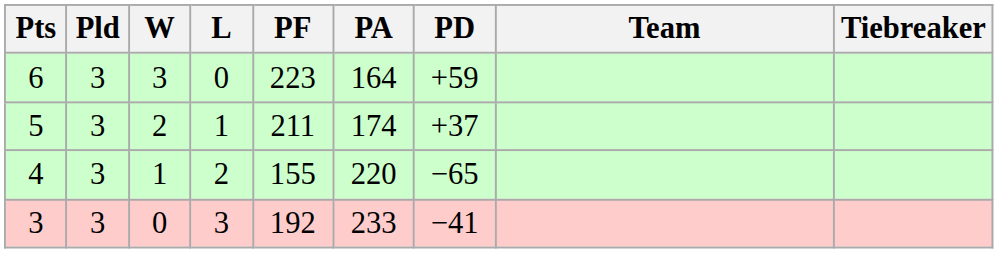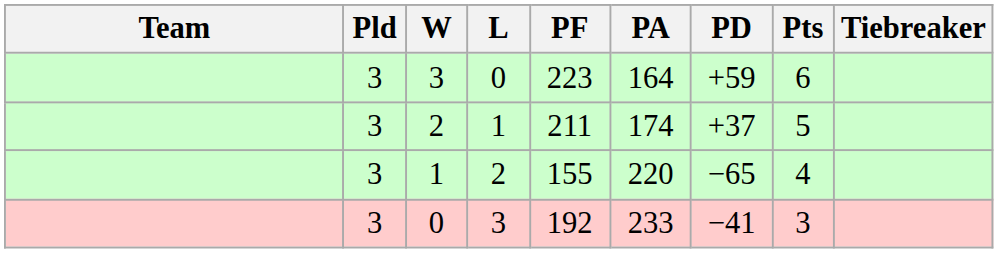 <table class="wikitable" style="text-align:center;">
 <tr>
-<th width=25>Pts</th>
+<th width=170>Team</th>
 <th width=25>Pld</th>
 <th width=25>W</th>
 <th width=25>L</th>
 <th width=35>PF</th>
 <th width=35>PA</th>
 <th width=35>PD</th>
-<th width=170>Team</th>
+<th width=25>Pts</th>
 <th width=50>Tiebreaker</th>
 </tr>
 <tr bgcolor=#ccffcc>
-<td>6</td>
+<td align="left"></td>
 <td>3</td>
 <td>3</td>
 <td>0</td>
 <td>223</td>
 <td>164</td>
 <td>+59</td>
-<td align="left"></td>
+<td>6</td>
 <td></td>
 </tr>
 <tr bgcolor=#ccffcc>
-<td>5</td>
+<td align="left"></td>
 <td>3</td>
 <td>2</td>
 <td>1</td>
 <td>211</td>
 <td>174</td>
 <td>+37</td>
-<td align="left"></td>
+<td>5</td>
 <td></td>
 </tr>
 <tr bgcolor=#ccffcc>
-<td>4</td>
+<td align="left"></td>
 <td>3</td>
 <td>1</td>
 <td>2</td>
 <td>155</td>
 <td>220</td>
 <td>−65</td>
-<td align="left"></td>
+<td>4</td>
 <td></td>
 </tr>
 <tr bgcolor=#ffcccc>
-<td>3</td>
+<td align="left"></td>
 <td>3</td>
 <td>0</td>
 <td>3</td>
 <td>192</td>
 <td>233</td>
 <td>−41</td>
-<td align="left"></td>
+<td>3</td>
 <td></td>
 </tr>
 </table>
